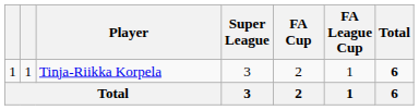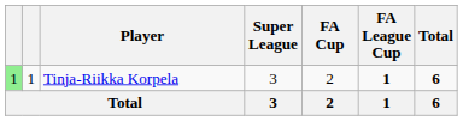 <table class="wikitable sortable" style="text-align: center;">
 <tr>
 <th width=10></th>
 <th width=10></th>
 <th width=200>Player</th>
 <th width=50>Super League</th>
 <th width=50>FA Cup</th>
 <th width=50>FA League Cup</th>
 <th>Total</th>
 </tr>
 <tr>
-<td>1</td>
+<td style="background: lightgreen;">1</td>
 <td>1</td>
 <td align="left"> <a href='#'>Tinja-Riikka Korpela</a></td>
 <td>3</td>
 <td>2</td>
-<td>1</td>
+<td><strong>1</strong></td>
 <td><strong>6</strong></td>
 </tr>
 <tr>
 <th colspan="3">Total</th>
 <th>3</th>
 <th>2</th>
 <th>1</th>
 <th>6</th>
 </tr>
 </table>
